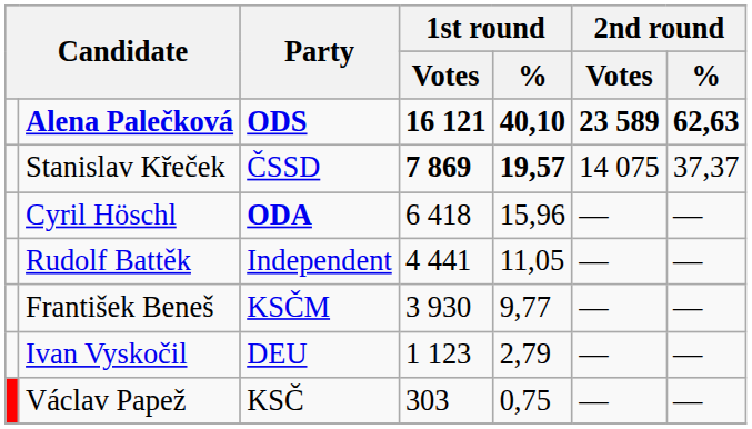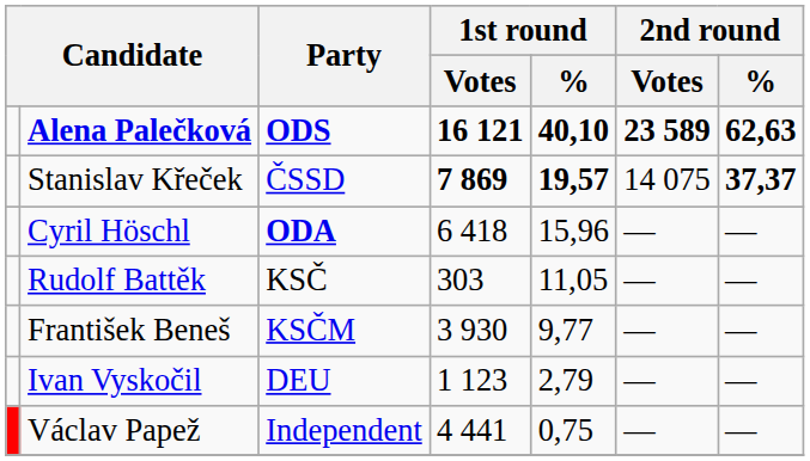 <table class="wikitable sortable">
 <tr>
 <th colspan="2" rowspan="2">Candidate</th>
 <th rowspan="2">Party</th>
 <th colspan="2">1st round</th>
 <th colspan="2">2nd round</th>
 </tr>
 <tr>
 <th>Votes</th>
 <th>%</th>
 <th>Votes</th>
 <th>%</th>
 </tr>
 <tr>
 <td style="background-color:"></td>
 <td><strong><a href='#'>Alena Palečková</a></strong></td>
 <td><a href='#'><strong>ODS</strong></a></td>
 <td><strong>16 121</strong></td>
 <td><strong>40,10</strong></td>
 <td><strong>23 589</strong></td>
 <td><strong>62,63</strong></td>
 </tr>
 <tr>
 <td style="background-color:"></td>
 <td>Stanislav Křeček</td>
 <td><a href='#'>ČSSD</a></td>
 <td><strong>7 869</strong></td>
 <td><strong>19,57</strong></td>
 <td>14 075</td>
-<td>37,37</td>
+<td><strong>37,37</strong></td>
 </tr>
 <tr>
 <td style="background-color:"></td>
 <td><a href='#'>Cyril Höschl</a></td>
 <td><strong><a href='#'>ODA</a></strong></td>
 <td>6 418</td>
 <td>15,96</td>
 <td>—</td>
 <td>—</td>
 </tr>
 <tr>
 <td style="background-color:"></td>
 <td><a href='#'>Rudolf Battěk</a></td>
-<td><a href='#'>Independent</a></td>
-<td>4 441</td>
+<td>KSČ</td>
+<td>303</td>
 <td>11,05</td>
 <td>—</td>
 <td>—</td>
 </tr>
 <tr>
 <td style="background-color:"></td>
 <td>František Beneš</td>
 <td><a href='#'>KSČM</a></td>
 <td>3 930</td>
 <td>9,77</td>
 <td>—</td>
 <td>—</td>
 </tr>
 <tr>
 <td style="background-color:"></td>
 <td><a href='#'>Ivan Vyskočil</a></td>
 <td><a href='#'>DEU</a></td>
 <td>1 123</td>
 <td>2,79</td>
 <td>—</td>
 <td>—</td>
 </tr>
 <tr>
 <td style="background-color:red"></td>
 <td>Václav Papež</td>
-<td>KSČ</td>
-<td>303</td>
+<td><a href='#'>Independent</a></td>
+<td>4 441</td>
 <td>0,75</td>
 <td>—</td>
 <td>—</td>
 </tr>
 <tr>
 </tr>
 </table>
